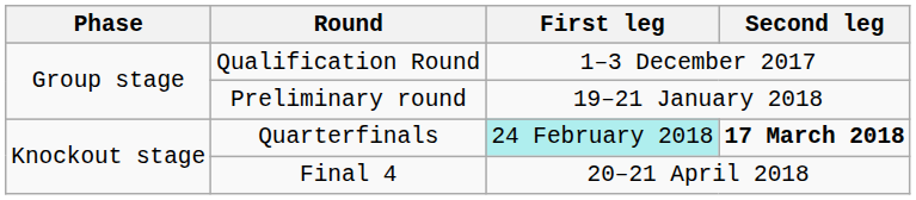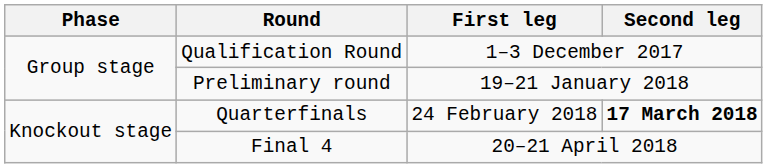 <table class="wikitable" style="text-align:center">
 <tr>
 <th>Phase</th>
 <th>Round</th>
 <th>First leg</th>
 <th>Second leg</th>
 </tr>
 <tr>
 <td rowspan=2>Group stage</td>
 <td>Qualification Round</td>
 <td colspan=2>1–3 December 2017</td>
 </tr>
 <tr>
 <td>Preliminary round</td>
 <td colspan=2>19–21 January 2018</td>
 </tr>
 <tr>
 <td rowspan=3>Knockout stage</td>
 <td>Quarterfinals</td>
-<td style="background: paleturquoise;">24 February 2018</td>
+<td>24 February 2018</td>
 <td><strong>17 March 2018</strong></td>
 </tr>
 <tr>
 <td>Final 4</td>
 <td colspan=2>20–21 April 2018</td>
 </tr>
 </table>
